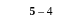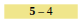 <table style="text-align:center">
 <tr>
 <th width=200></th>
 <th width=100></th>
 <th width=200></th>
 </tr>
 <tr>
 <td align=right><strong></strong></td>
-<td><strong>5</strong> – 4</td>
+<td style="background: khaki;"><strong>5</strong> – 4</td>
 <td align=left></td>
 </tr>
 </table>
